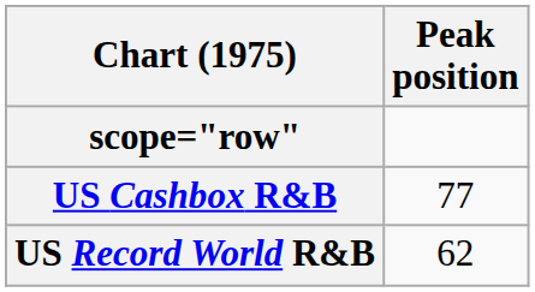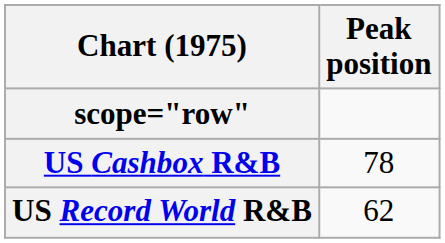 <table class="wikitable sortable plainrowheaders">
 <tr>
 <th scope="col">Chart (1975)</th>
 <th scope="col">Peak<br>position</th>
 </tr>
 <tr>
 <th>scope="row" </th>
 </tr>
 <tr>
 <th scope="row"><a href='#'>US <em>Cashbox</em> R&B</a></th>
-<td style="text-align:center;">77</td>
+<td style="text-align:center;">78</td>
 </tr>
 <tr>
 <th scope="row">US <em><a href='#'>Record World</a></em> R&B</th>
 <td style="text-align:center;">62</td>
 </tr>
 </table>
